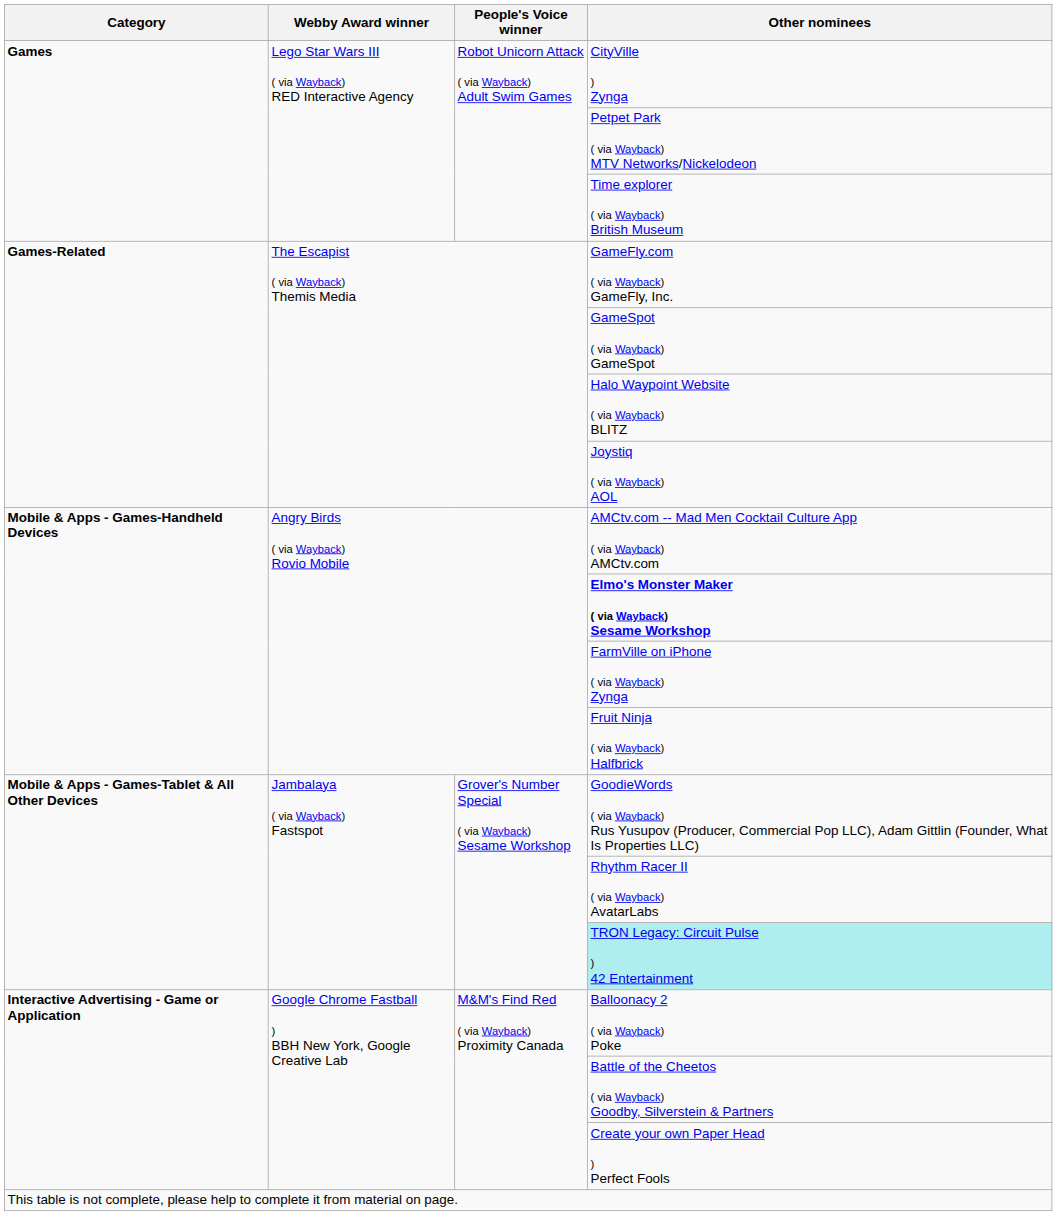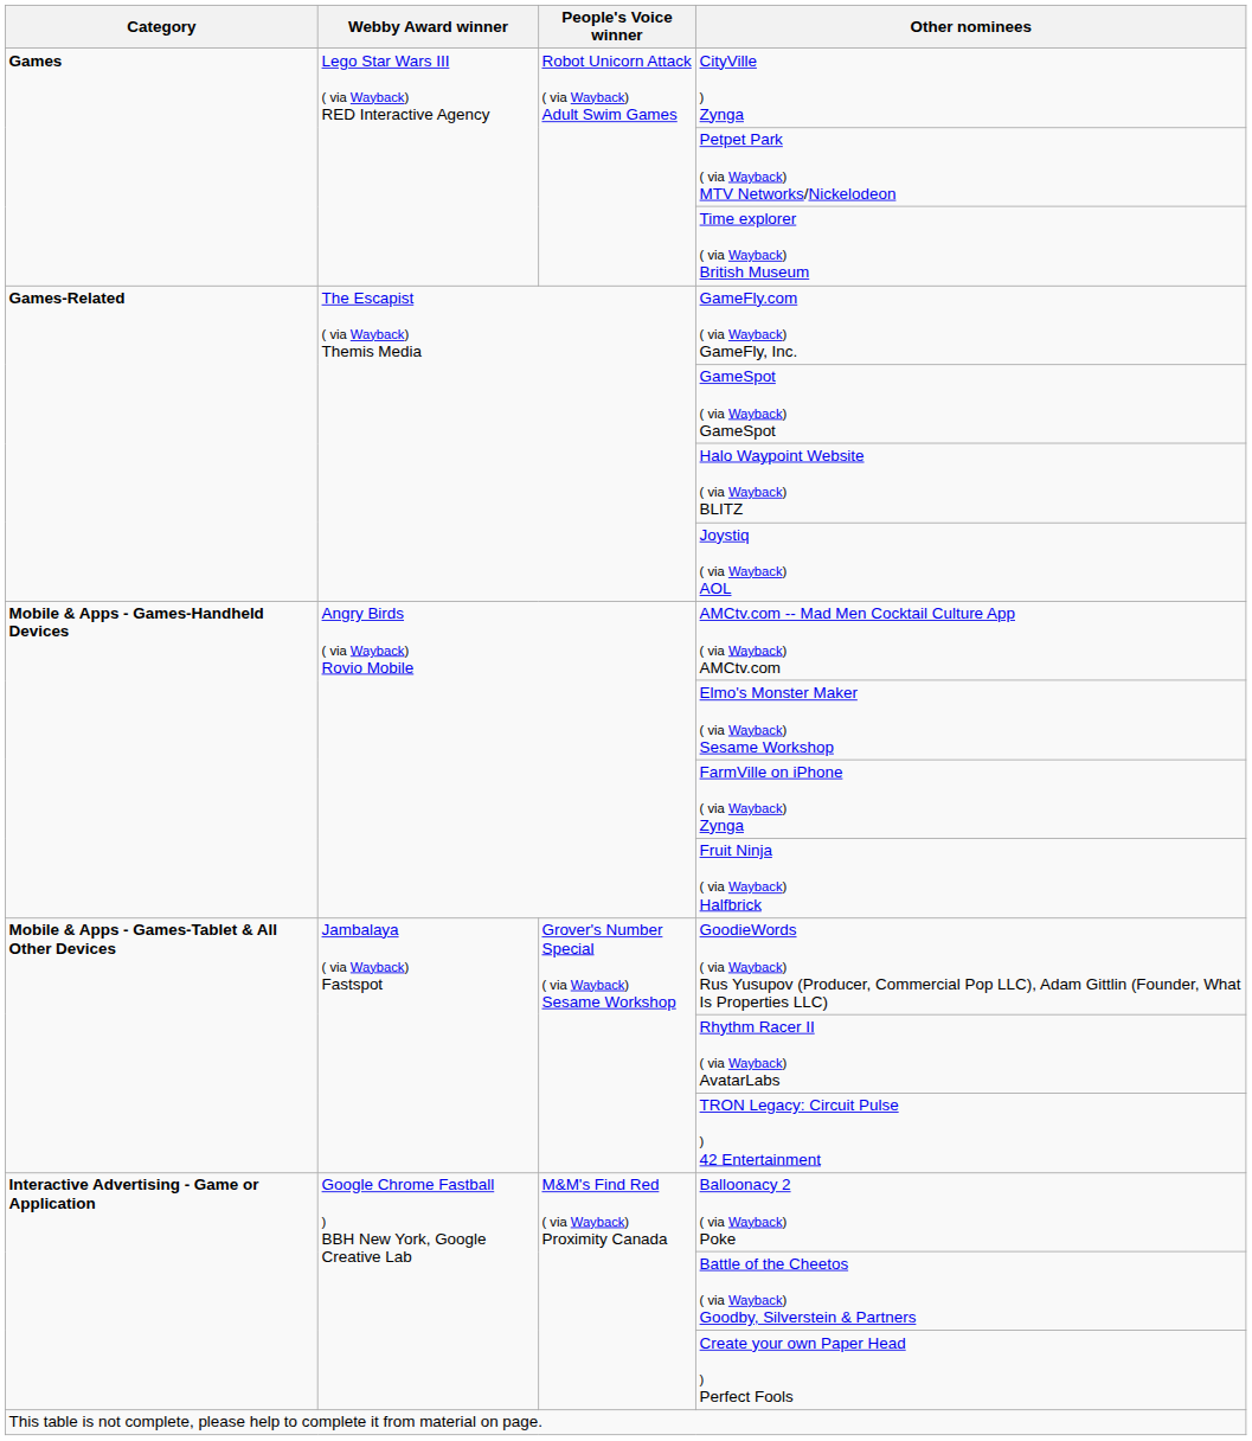 <table class="wikitable">
 <tr>
 <th>Category</th>
 <th>Webby Award winner</th>
 <th>People's Voice winner</th>
 <th>Other nominees</th>
 </tr>
 <tr valign="top">
 <td rowspan="3"><strong>Games</strong></td>
 <td rowspan="3"><a href='#'>Lego Star Wars III</a><br><br><small>( via <a href='#'>Wayback</a>)</small><br> RED Interactive Agency</td>
 <td rowspan="3"><a href='#'>Robot Unicorn Attack</a><br><br><small>( via <a href='#'>Wayback</a>)</small><br> <a href='#'>Adult Swim Games</a></td>
 <td><a href='#'>CityVille</a><br><br><small>)</small><br> <a href='#'>Zynga</a></td>
 </tr>
 <tr valign="top">
 <td><a href='#'>Petpet Park</a><br><br><small>( via <a href='#'>Wayback</a>)</small><br> <a href='#'>MTV Networks</a>/<a href='#'>Nickelodeon</a></td>
 </tr>
 <tr valign="top">
 <td><a href='#'>Time explorer</a><br><br><small>( via <a href='#'>Wayback</a>)</small><br> <a href='#'>British Museum</a></td>
 </tr>
 <tr valign="top">
 <td rowspan="4"><strong>Games-Related</strong></td>
 <td rowspan="4" colspan="2"><a href='#'>The Escapist</a><br><br><small>( via <a href='#'>Wayback</a>)</small><br> Themis Media</td>
 <td><a href='#'>GameFly.com</a><br><br><small>( via <a href='#'>Wayback</a>)</small><br> GameFly, Inc.</td>
 </tr>
 <tr valign="top">
 <td><a href='#'>GameSpot</a><br><br><small>( via <a href='#'>Wayback</a>)</small><br> GameSpot</td>
 </tr>
 <tr valign="top">
 <td><a href='#'>Halo Waypoint Website</a><br><br><small>( via <a href='#'>Wayback</a>)</small><br> BLITZ</td>
 </tr>
 <tr valign="top">
 <td><a href='#'>Joystiq</a><br><br><small>( via <a href='#'>Wayback</a>)</small><br> <a href='#'>AOL</a></td>
 </tr>
 <tr valign="top">
 <td rowspan="4"><strong>Mobile & Apps - Games-Handheld Devices</strong></td>
 <td rowspan="4" colspan="2"><a href='#'>Angry Birds</a><br><br><small>( via <a href='#'>Wayback</a>)</small><br> <a href='#'>Rovio Mobile</a></td>
 <td><a href='#'>AMCtv.com -- Mad Men Cocktail Culture App</a><br><br><small>( via <a href='#'>Wayback</a>)</small><br> AMCtv.com</td>
 </tr>
 <tr valign="top">
-<td><strong><a href='#'>Elmo's Monster Maker</a><br><br><small>( via <a href='#'>Wayback</a>)</small><br> <a href='#'>Sesame Workshop</a></strong></td>
+<td><a href='#'>Elmo's Monster Maker</a><br><br><small>( via <a href='#'>Wayback</a>)</small><br> <a href='#'>Sesame Workshop</a></td>
 </tr>
 <tr valign="top">
 <td><a href='#'>FarmVille on iPhone</a><br><br><small>( via <a href='#'>Wayback</a>)</small><br> <a href='#'>Zynga</a></td>
 </tr>
 <tr valign="top">
 <td><a href='#'>Fruit Ninja</a><br><br><small>( via <a href='#'>Wayback</a>)</small><br> <a href='#'>Halfbrick</a></td>
 </tr>
 <tr valign="top">
 <td rowspan="3"><strong>Mobile & Apps - Games-Tablet & All Other Devices</strong></td>
 <td rowspan="3"><a href='#'>Jambalaya</a><br><br><small>( via <a href='#'>Wayback</a>)</small><br> Fastspot</td>
 <td rowspan="3"><a href='#'>Grover's Number Special</a><br><br><small>( via <a href='#'>Wayback</a>)</small><br> <a href='#'>Sesame Workshop</a></td>
 <td><a href='#'>GoodieWords</a><br><br><small>( via <a href='#'>Wayback</a>)</small><br> Rus Yusupov (Producer, Commercial Pop LLC), Adam Gittlin (Founder, What Is Properties LLC)</td>
 </tr>
 <tr valign="top">
 <td><a href='#'>Rhythm Racer II</a><br><br><small>( via <a href='#'>Wayback</a>)</small><br> AvatarLabs</td>
 </tr>
 <tr valign="top">
-<td style="background: paleturquoise;"><a href='#'>TRON Legacy: Circuit Pulse</a><br><br><small>)</small><br> <a href='#'>42 Entertainment</a></td>
+<td><a href='#'>TRON Legacy: Circuit Pulse</a><br><br><small>)</small><br> <a href='#'>42 Entertainment</a></td>
 </tr>
 <tr valign="top">
 <td rowspan="3"><strong>Interactive Advertising - Game or Application</strong></td>
 <td rowspan="3"><a href='#'>Google Chrome Fastball</a><br><br><small>)</small><br> BBH New York, Google Creative Lab</td>
 <td rowspan="3"><a href='#'>M&M's Find Red</a><br><br><small>( via <a href='#'>Wayback</a>)</small><br> Proximity Canada</td>
 <td><a href='#'>Balloonacy 2</a><br><br><small>( via <a href='#'>Wayback</a>)</small><br> Poke</td>
 </tr>
 <tr valign="top">
 <td><a href='#'>Battle of the Cheetos</a><br><br><small>( via <a href='#'>Wayback</a>)</small><br> <a href='#'>Goodby, Silverstein & Partners</a></td>
 </tr>
 <tr valign="top">
 <td><a href='#'>Create your own Paper Head</a><br><br><small>)</small><br> Perfect Fools</td>
 </tr>
 <tr>
 <td colspan=4>This table is not complete, please help to complete it from material on  page.</td>
 </tr>
 </table>
